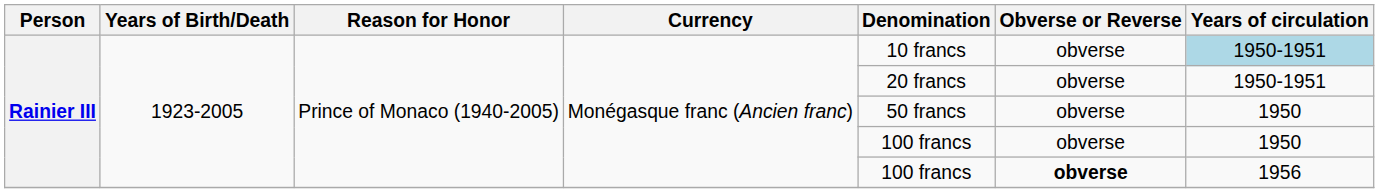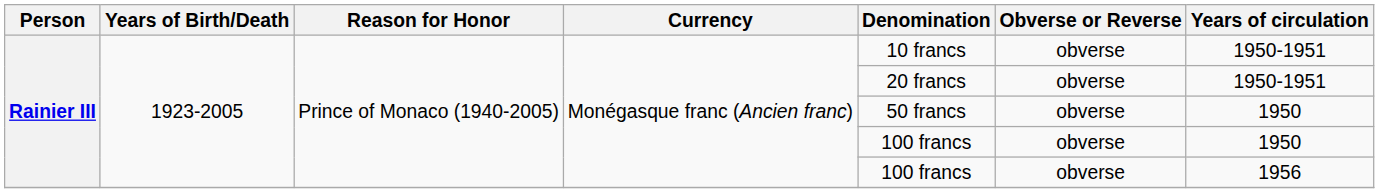 <table class="wikitable" style="font-size:95%; text-align:center;">
 <tr>
 <th>Person</th>
 <th>Years of Birth/Death</th>
 <th>Reason for Honor</th>
 <th>Currency</th>
 <th>Denomination</th>
 <th>Obverse or Reverse</th>
 <th>Years of circulation</th>
 </tr>
 <tr>
 <th rowspan="5"><a href='#'>Rainier III</a></th>
 <td rowspan="5">1923-2005</td>
 <td rowspan="5">Prince of Monaco (1940-2005)</td>
 <td rowspan="5">Monégasque franc (<em>Ancien franc</em>)</td>
 <td>10 francs</td>
 <td>obverse</td>
-<td style="background: lightblue;">1950-1951</td>
+<td>1950-1951</td>
 </tr>
 <tr>
 <td>20 francs</td>
 <td>obverse</td>
 <td>1950-1951</td>
 </tr>
 <tr>
 <td>50 francs</td>
 <td>obverse</td>
 <td>1950</td>
 </tr>
 <tr>
 <td>100 francs</td>
 <td>obverse</td>
 <td>1950</td>
 </tr>
 <tr>
 <td>100 francs</td>
-<td><strong>obverse</strong></td>
+<td>obverse</td>
 <td>1956</td>
 </tr>
 <tr>
 </tr>
 </table>
